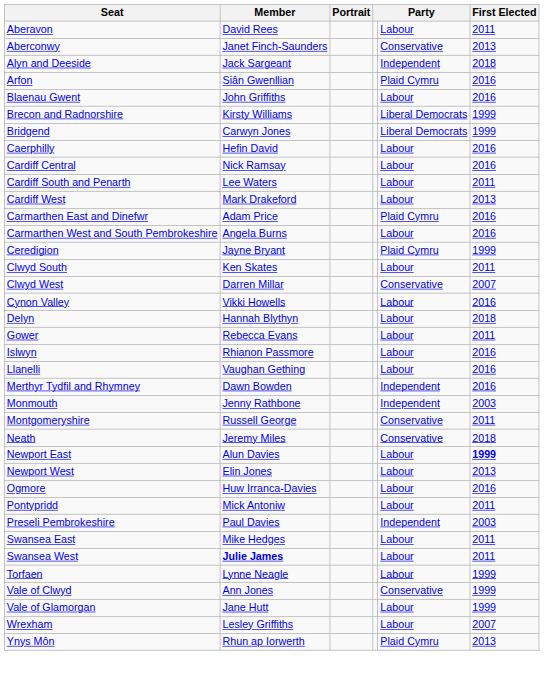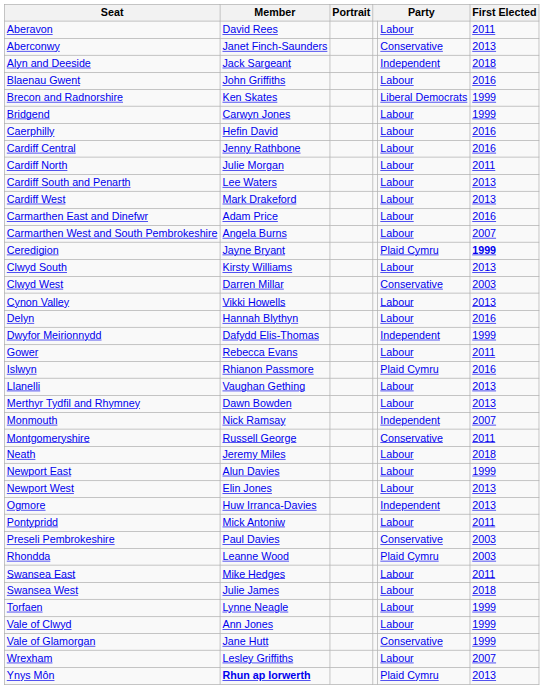 <table class="wikitable sortable">
 <tr>
 <th colspan="1">Seat</th>
 <th>Member</th>
 <th>Portrait</th>
 <th colspan="2">Party</th>
 <th>First Elected</th>
 </tr>
 <tr>
 <td><a href='#'>Aberavon</a></td>
 <td><a href='#'>David Rees</a></td>
 <td></td>
 <td style="color:inherit;background:"></td>
 <td><a href='#'>Labour</a></td>
 <td><a href='#'>2011</a></td>
 </tr>
 <tr>
 <td><a href='#'>Aberconwy</a></td>
 <td><a href='#'>Janet Finch-Saunders</a></td>
 <td></td>
 <td style="color:inherit;background:"></td>
 <td><a href='#'>Conservative</a></td>
 <td><a href='#'>2013</a></td>
 </tr>
 <tr>
 <td><a href='#'>Alyn and Deeside</a></td>
 <td><a href='#'>Jack Sargeant</a></td>
 <td></td>
 <td style="color:inherit;background:"></td>
 <td><a href='#'>Independent</a></td>
 <td><a href='#'>2018</a></td>
 </tr>
 <tr>
-<td><a href='#'>Arfon</a></td>
-<td><a href='#'>Siân Gwenllian</a></td>
-<td></td>
-<td style="color:inherit;background:"></td>
-<td><a href='#'>Plaid Cymru</a></td>
-<td><a href='#'>2016</a></td>
-</tr>
-<tr>
 <td><a href='#'>Blaenau Gwent</a></td>
 <td><a href='#'>John Griffiths</a></td>
 <td></td>
 <td style="color:inherit;background:"></td>
 <td><a href='#'>Labour</a></td>
 <td><a href='#'>2016</a></td>
 </tr>
 <tr>
 <td><a href='#'>Brecon and Radnorshire</a></td>
-<td><a href='#'>Kirsty Williams</a></td>
+<td><a href='#'>Ken Skates</a></td>
 <td></td>
 <td style="color:inherit;background:"></td>
 <td><a href='#'>Liberal Democrats</a></td>
 <td><a href='#'>1999</a></td>
 </tr>
 <tr>
 <td><a href='#'>Bridgend</a></td>
 <td><a href='#'>Carwyn Jones</a></td>
 <td></td>
 <td style="color:inherit;background:"></td>
-<td><a href='#'>Liberal Democrats</a></td>
+<td><a href='#'>Labour</a></td>
 <td><a href='#'>1999</a></td>
 </tr>
 <tr>
 <td><a href='#'>Caerphilly</a></td>
 <td><a href='#'>Hefin David</a></td>
 <td></td>
 <td style="color:inherit;background:"></td>
 <td><a href='#'>Labour</a></td>
 <td><a href='#'>2016</a></td>
 </tr>
 <tr>
 <td><a href='#'>Cardiff Central</a></td>
-<td><a href='#'>Nick Ramsay</a></td>
+<td><a href='#'>Jenny Rathbone</a></td>
 <td></td>
 <td style="color:inherit;background:"></td>
 <td><a href='#'>Labour</a></td>
 <td><a href='#'>2016</a></td>
+</tr>
+<tr>
+<td><a href='#'>Cardiff North</a></td>
+<td><a href='#'>Julie Morgan</a></td>
+<td></td>
+<td style="color:inherit;background:"></td>
+<td><a href='#'>Labour</a></td>
+<td><a href='#'>2011</a></td>
 </tr>
 <tr>
 <td><a href='#'>Cardiff South and Penarth</a></td>
 <td><a href='#'>Lee Waters</a></td>
 <td></td>
 <td style="color:inherit;background:"></td>
 <td><a href='#'>Labour</a></td>
-<td><a href='#'>2011</a></td>
+<td><a href='#'>2013</a></td>
 </tr>
 <tr>
 <td><a href='#'>Cardiff West</a></td>
 <td><a href='#'>Mark Drakeford</a></td>
 <td></td>
 <td style="color:inherit;background:"></td>
 <td><a href='#'>Labour</a></td>
 <td><a href='#'>2013</a></td>
 </tr>
 <tr>
 <td><a href='#'>Carmarthen East and Dinefwr</a></td>
 <td><a href='#'>Adam Price</a></td>
 <td></td>
 <td style="color:inherit;background:"></td>
-<td><a href='#'>Plaid Cymru</a></td>
+<td><a href='#'>Labour</a></td>
 <td><a href='#'>2016</a></td>
 </tr>
 <tr>
 <td><a href='#'>Carmarthen West and South Pembrokeshire</a></td>
 <td><a href='#'>Angela Burns</a></td>
 <td></td>
 <td style="color:inherit;background:"></td>
 <td><a href='#'>Labour</a></td>
-<td><a href='#'>2016</a></td>
+<td><a href='#'>2007</a></td>
 </tr>
 <tr>
 <td><a href='#'>Ceredigion</a></td>
 <td><a href='#'>Jayne Bryant</a></td>
 <td></td>
 <td style="color:inherit;background:"></td>
 <td><a href='#'>Plaid Cymru</a></td>
-<td><a href='#'>1999</a></td>
+<td><strong><a href='#'>1999</a></strong></td>
 </tr>
 <tr>
 <td><a href='#'>Clwyd South</a></td>
-<td><a href='#'>Ken Skates</a></td>
+<td><a href='#'>Kirsty Williams</a></td>
 <td></td>
 <td style="color:inherit;background:"></td>
 <td><a href='#'>Labour</a></td>
-<td><a href='#'>2011</a></td>
+<td><a href='#'>2013</a></td>
 </tr>
 <tr>
 <td><a href='#'>Clwyd West</a></td>
 <td><a href='#'>Darren Millar</a></td>
 <td></td>
 <td style="color:inherit;background:"></td>
 <td><a href='#'>Conservative</a></td>
-<td><a href='#'>2007</a></td>
+<td><a href='#'>2003</a></td>
 </tr>
 <tr>
 <td><a href='#'>Cynon Valley</a></td>
 <td><a href='#'>Vikki Howells</a></td>
 <td></td>
 <td style="color:inherit;background:"></td>
 <td><a href='#'>Labour</a></td>
-<td><a href='#'>2016</a></td>
+<td><a href='#'>2013</a></td>
 </tr>
 <tr>
 <td><a href='#'>Delyn</a></td>
 <td><a href='#'>Hannah Blythyn</a></td>
 <td></td>
 <td style="color:inherit;background:"></td>
 <td><a href='#'>Labour</a></td>
-<td><a href='#'>2018</a></td>
+<td><a href='#'>2016</a></td>
+</tr>
+<tr>
+<td><a href='#'>Dwyfor Meirionnydd</a></td>
+<td><a href='#'>Dafydd Elis-Thomas</a></td>
+<td></td>
+<td style="color:inherit;background:"></td>
+<td><a href='#'>Independent</a></td>
+<td><a href='#'>1999</a></td>
 </tr>
 <tr>
 <td><a href='#'>Gower</a></td>
 <td><a href='#'>Rebecca Evans</a></td>
 <td></td>
 <td style="color:inherit;background:"></td>
 <td><a href='#'>Labour</a></td>
 <td><a href='#'>2011</a></td>
 </tr>
 <tr>
 <td><a href='#'>Islwyn</a></td>
 <td><a href='#'>Rhianon Passmore</a></td>
 <td></td>
 <td style="color:inherit;background:"></td>
-<td><a href='#'>Labour</a></td>
+<td><a href='#'>Plaid Cymru</a></td>
 <td><a href='#'>2016</a></td>
 </tr>
 <tr>
 <td><a href='#'>Llanelli</a></td>
 <td><a href='#'>Vaughan Gething</a></td>
 <td></td>
 <td style="color:inherit;background:"></td>
 <td><a href='#'>Labour</a></td>
-<td><a href='#'>2016</a></td>
+<td><a href='#'>2013</a></td>
 </tr>
 <tr>
 <td><a href='#'>Merthyr Tydfil and Rhymney</a></td>
 <td><a href='#'>Dawn Bowden</a></td>
 <td></td>
 <td style="color:inherit;background:"></td>
-<td><a href='#'>Independent</a></td>
-<td><a href='#'>2016</a></td>
+<td><a href='#'>Labour</a></td>
+<td><a href='#'>2013</a></td>
 </tr>
 <tr>
 <td><a href='#'>Monmouth</a></td>
-<td><a href='#'>Jenny Rathbone</a></td>
+<td><a href='#'>Nick Ramsay</a></td>
 <td></td>
 <td style="color:inherit;background:"></td>
 <td><a href='#'>Independent</a></td>
-<td><a href='#'>2003</a></td>
+<td><a href='#'>2007</a></td>
 </tr>
 <tr>
 <td><a href='#'>Montgomeryshire</a></td>
 <td><a href='#'>Russell George</a></td>
 <td></td>
 <td style="color:inherit;background:"></td>
 <td><a href='#'>Conservative</a></td>
 <td><a href='#'>2011</a></td>
 </tr>
 <tr>
 <td><a href='#'>Neath</a></td>
 <td><a href='#'>Jeremy Miles</a></td>
 <td></td>
 <td style="color:inherit;background:"></td>
-<td><a href='#'>Conservative</a></td>
+<td><a href='#'>Labour</a></td>
 <td><a href='#'>2018</a></td>
 </tr>
 <tr>
 <td><a href='#'>Newport East</a></td>
 <td><a href='#'>Alun Davies</a></td>
 <td></td>
 <td style="color:inherit;background:"></td>
 <td><a href='#'>Labour</a></td>
-<td><strong><a href='#'>1999</a></strong></td>
+<td><a href='#'>1999</a></td>
 </tr>
 <tr>
 <td><a href='#'>Newport West</a></td>
 <td><a href='#'>Elin Jones</a></td>
 <td></td>
 <td style="color:inherit;background:"></td>
 <td><a href='#'>Labour</a></td>
 <td><a href='#'>2013</a></td>
 </tr>
 <tr>
 <td><a href='#'>Ogmore</a></td>
 <td><a href='#'>Huw Irranca-Davies</a></td>
 <td></td>
 <td style="color:inherit;background:"></td>
-<td><a href='#'>Labour</a></td>
-<td><a href='#'>2016</a></td>
+<td><a href='#'>Independent</a></td>
+<td><a href='#'>2013</a></td>
 </tr>
 <tr>
 <td><a href='#'>Pontypridd</a></td>
 <td><a href='#'>Mick Antoniw</a></td>
 <td></td>
 <td style="color:inherit;background:"></td>
 <td><a href='#'>Labour</a></td>
 <td><a href='#'>2011</a></td>
 </tr>
 <tr>
 <td><a href='#'>Preseli Pembrokeshire</a></td>
 <td><a href='#'>Paul Davies</a></td>
 <td></td>
 <td style="color:inherit;background:"></td>
-<td><a href='#'>Independent</a></td>
+<td><a href='#'>Conservative</a></td>
+<td><a href='#'>2003</a></td>
+</tr>
+<tr>
+<td><a href='#'>Rhondda</a></td>
+<td><a href='#'>Leanne Wood</a></td>
+<td></td>
+<td style="color:inherit;background:"></td>
+<td><a href='#'>Plaid Cymru</a></td>
 <td><a href='#'>2003</a></td>
 </tr>
 <tr>
 <td><a href='#'>Swansea East</a></td>
 <td><a href='#'>Mike Hedges</a></td>
 <td></td>
 <td style="color:inherit;background:"></td>
 <td><a href='#'>Labour</a></td>
 <td><a href='#'>2011</a></td>
 </tr>
 <tr>
 <td><a href='#'>Swansea West</a></td>
-<td><strong><a href='#'>Julie James</a></strong></td>
+<td><a href='#'>Julie James</a></td>
 <td></td>
 <td style="color:inherit;background:"></td>
 <td><a href='#'>Labour</a></td>
-<td><a href='#'>2011</a></td>
+<td><a href='#'>2018</a></td>
 </tr>
 <tr>
 <td><a href='#'>Torfaen</a></td>
 <td><a href='#'>Lynne Neagle</a></td>
 <td></td>
 <td style="color:inherit;background:"></td>
 <td><a href='#'>Labour</a></td>
 <td><a href='#'>1999</a></td>
 </tr>
 <tr>
 <td><a href='#'>Vale of Clwyd</a></td>
 <td><a href='#'>Ann Jones</a></td>
 <td></td>
 <td style="color:inherit;background:"></td>
-<td><a href='#'>Conservative</a></td>
+<td><a href='#'>Labour</a></td>
 <td><a href='#'>1999</a></td>
 </tr>
 <tr>
 <td><a href='#'>Vale of Glamorgan</a></td>
 <td><a href='#'>Jane Hutt</a></td>
 <td></td>
 <td style="color:inherit;background:"></td>
-<td><a href='#'>Labour</a></td>
+<td><a href='#'>Conservative</a></td>
 <td><a href='#'>1999</a></td>
 </tr>
 <tr>
 <td><a href='#'>Wrexham</a></td>
 <td><a href='#'>Lesley Griffiths</a></td>
 <td></td>
 <td style="color:inherit;background:"></td>
 <td><a href='#'>Labour</a></td>
 <td><a href='#'>2007</a></td>
 </tr>
 <tr>
 <td><a href='#'>Ynys Môn</a></td>
-<td><a href='#'>Rhun ap Iorwerth</a></td>
+<td><strong><a href='#'>Rhun ap Iorwerth</a></strong></td>
 <td></td>
 <td style="color:inherit;background:"></td>
 <td><a href='#'>Plaid Cymru</a></td>
 <td><a href='#'>2013</a></td>
 </tr>
 </table>
